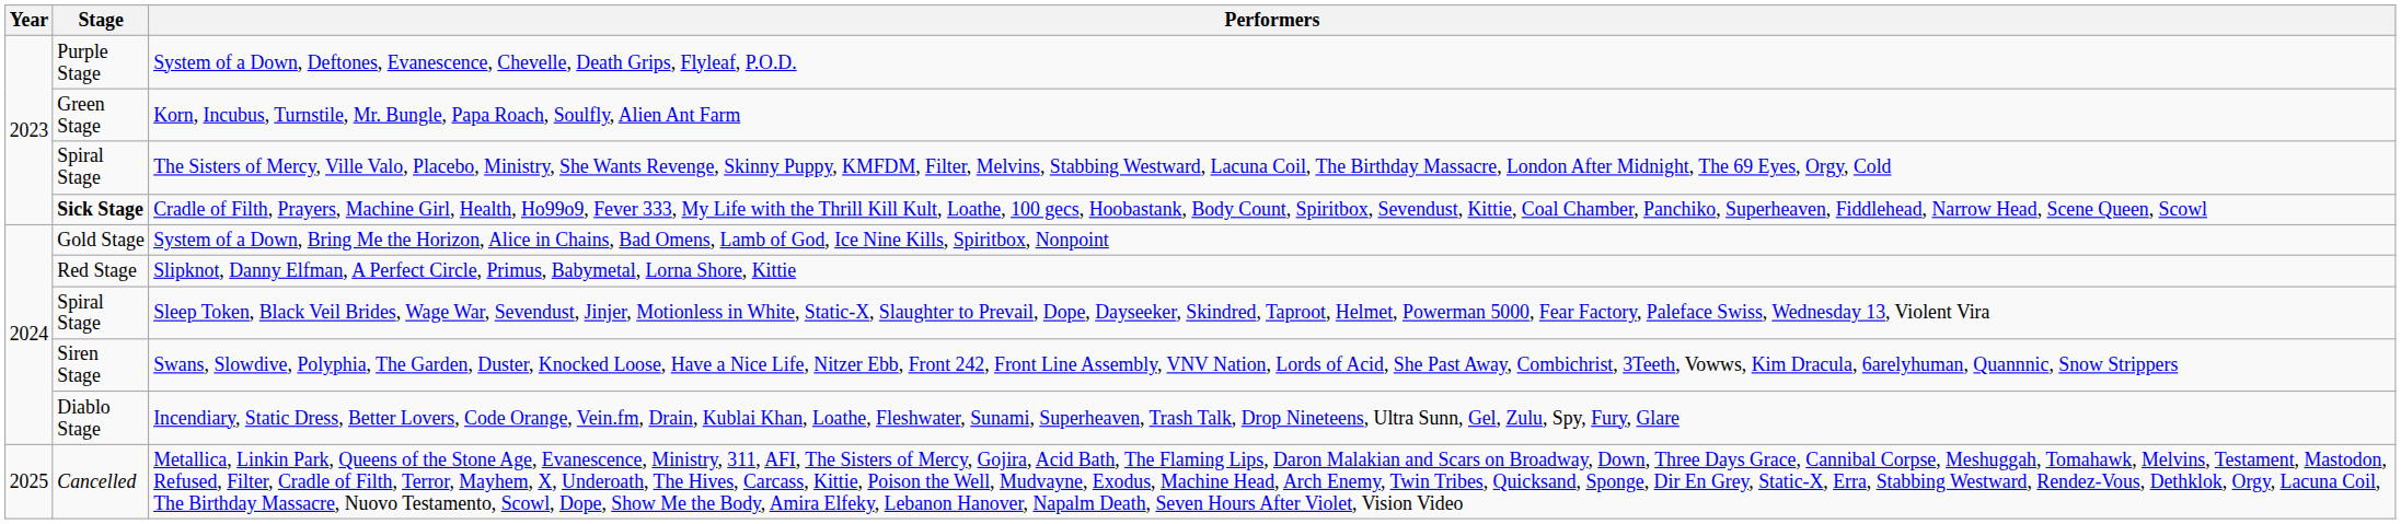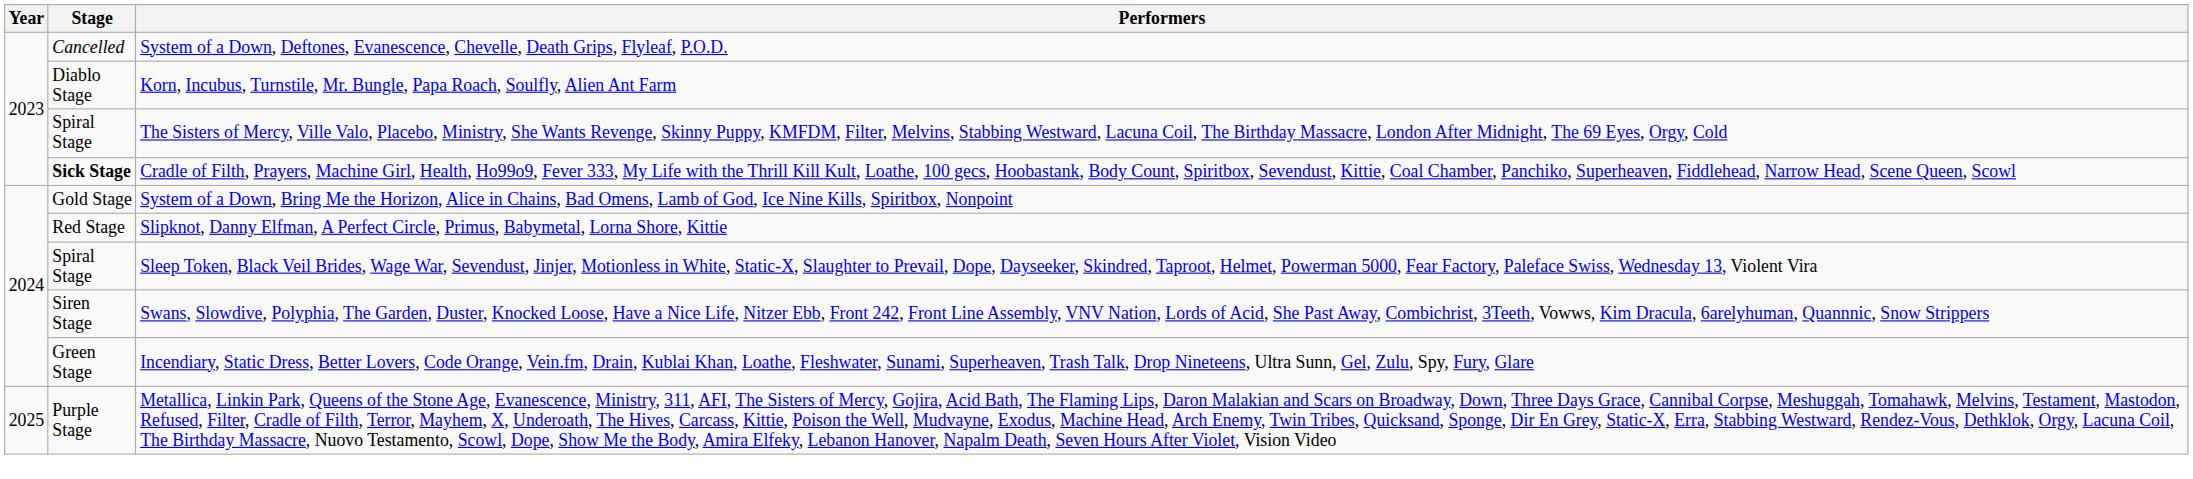 <table class="wikitable">
 <tr>
 <th>Year</th>
 <th>Stage</th>
 <th>Performers</th>
 </tr>
 <tr>
 <td rowspan="4">2023</td>
-<td>Purple Stage</td>
+<td><em>Cancelled</em></td>
 <td><a href='#'>System of a Down</a>, <a href='#'>Deftones</a>, <a href='#'>Evanescence</a>, <a href='#'>Chevelle</a>, <a href='#'>Death Grips</a>, <a href='#'>Flyleaf</a>, <a href='#'>P.O.D.</a></td>
 </tr>
 <tr>
-<td>Green Stage</td>
+<td>Diablo Stage</td>
 <td><a href='#'>Korn</a>, <a href='#'>Incubus</a>, <a href='#'>Turnstile</a>, <a href='#'>Mr. Bungle</a>, <a href='#'>Papa Roach</a>, <a href='#'>Soulfly</a>, <a href='#'>Alien Ant Farm</a></td>
 </tr>
 <tr>
 <td>Spiral Stage</td>
 <td><a href='#'>The Sisters of Mercy</a>, <a href='#'>Ville Valo</a>, <a href='#'>Placebo</a>, <a href='#'>Ministry</a>, <a href='#'>She Wants Revenge</a>, <a href='#'>Skinny Puppy</a>, <a href='#'>KMFDM</a>, <a href='#'>Filter</a>, <a href='#'>Melvins</a>, <a href='#'>Stabbing Westward</a>, <a href='#'>Lacuna Coil</a>, <a href='#'>The Birthday Massacre</a>, <a href='#'>London After Midnight</a>, <a href='#'>The 69 Eyes</a>, <a href='#'>Orgy</a>, <a href='#'>Cold</a></td>
 </tr>
 <tr>
 <td><strong>Sick Stage</strong></td>
 <td><a href='#'>Cradle of Filth</a>, <a href='#'>Prayers</a>, <a href='#'>Machine Girl</a>, <a href='#'>Health</a>, <a href='#'>Ho99o9</a>, <a href='#'>Fever 333</a>, <a href='#'>My Life with the Thrill Kill Kult</a>, <a href='#'>Loathe</a>, <a href='#'>100 gecs</a>, <a href='#'>Hoobastank</a>, <a href='#'>Body Count</a>, <a href='#'>Spiritbox</a>, <a href='#'>Sevendust</a>, <a href='#'>Kittie</a>, <a href='#'>Coal Chamber</a>, <a href='#'>Panchiko</a>, <a href='#'>Superheaven</a>, <a href='#'>Fiddlehead</a>, <a href='#'>Narrow Head</a>, <a href='#'>Scene Queen</a>, <a href='#'>Scowl</a></td>
 </tr>
 <tr>
 <td rowspan="5">2024</td>
 <td>Gold Stage</td>
 <td><a href='#'>System of a Down</a>, <a href='#'>Bring Me the Horizon</a>, <a href='#'>Alice in Chains</a>, <a href='#'>Bad Omens</a>, <a href='#'>Lamb of God</a>, <a href='#'>Ice Nine Kills</a>, <a href='#'>Spiritbox</a>, <a href='#'>Nonpoint</a></td>
 </tr>
 <tr>
 <td>Red Stage</td>
 <td><a href='#'>Slipknot</a>, <a href='#'>Danny Elfman</a>, <a href='#'>A Perfect Circle</a>, <a href='#'>Primus</a>, <a href='#'>Babymetal</a>, <a href='#'>Lorna Shore</a>, <a href='#'>Kittie</a></td>
 </tr>
 <tr>
 <td>Spiral Stage</td>
 <td><a href='#'>Sleep Token</a>, <a href='#'>Black Veil Brides</a>, <a href='#'>Wage War</a>, <a href='#'>Sevendust</a>, <a href='#'>Jinjer</a>, <a href='#'>Motionless in White</a>, <a href='#'>Static-X</a>, <a href='#'>Slaughter to Prevail</a>, <a href='#'>Dope</a>, <a href='#'>Dayseeker</a>, <a href='#'>Skindred</a>, <a href='#'>Taproot</a>, <a href='#'>Helmet</a>, <a href='#'>Powerman 5000</a>, <a href='#'>Fear Factory</a>, <a href='#'>Paleface Swiss</a>, <a href='#'>Wednesday 13</a>, Violent Vira</td>
 </tr>
 <tr>
 <td>Siren Stage</td>
 <td><a href='#'>Swans</a>, <a href='#'>Slowdive</a>, <a href='#'>Polyphia</a>, <a href='#'>The Garden</a>, <a href='#'>Duster</a>, <a href='#'>Knocked Loose</a>, <a href='#'>Have a Nice Life</a>, <a href='#'>Nitzer Ebb</a>, <a href='#'>Front 242</a>, <a href='#'>Front Line Assembly</a>, <a href='#'>VNV Nation</a>, <a href='#'>Lords of Acid</a>, <a href='#'>She Past Away</a>, <a href='#'>Combichrist</a>, <a href='#'>3Teeth</a>, Vowws, <a href='#'>Kim Dracula</a>, <a href='#'>6arelyhuman</a>, <a href='#'>Quannnic</a>, <a href='#'>Snow Strippers</a></td>
 </tr>
 <tr>
-<td>Diablo Stage</td>
+<td>Green Stage</td>
 <td><a href='#'>Incendiary</a>, <a href='#'>Static Dress</a>, <a href='#'>Better Lovers</a>, <a href='#'>Code Orange</a>, <a href='#'>Vein.fm</a>, <a href='#'>Drain</a>, <a href='#'>Kublai Khan</a>, <a href='#'>Loathe</a>, <a href='#'>Fleshwater</a>, <a href='#'>Sunami</a>, <a href='#'>Superheaven</a>, <a href='#'>Trash Talk</a>, <a href='#'>Drop Nineteens</a>, Ultra Sunn, <a href='#'>Gel</a>, <a href='#'>Zulu</a>, Spy, <a href='#'>Fury</a>, <a href='#'>Glare</a></td>
 </tr>
 <tr>
 <td>2025</td>
-<td><em>Cancelled</em></td>
+<td>Purple Stage</td>
 <td><a href='#'>Metallica</a>, <a href='#'>Linkin Park</a>, <a href='#'>Queens of the Stone Age</a>, <a href='#'>Evanescence</a>, <a href='#'>Ministry</a>, <a href='#'>311</a>, <a href='#'>AFI</a>, <a href='#'>The Sisters of Mercy</a>, <a href='#'>Gojira</a>, <a href='#'>Acid Bath</a>, <a href='#'>The Flaming Lips</a>, <a href='#'>Daron Malakian and Scars on Broadway</a>, <a href='#'>Down</a>, <a href='#'>Three Days Grace</a>, <a href='#'>Cannibal Corpse</a>, <a href='#'>Meshuggah</a>, <a href='#'>Tomahawk</a>, <a href='#'>Melvins</a>, <a href='#'>Testament</a>, <a href='#'>Mastodon</a>, <a href='#'>Refused</a>, <a href='#'>Filter</a>, <a href='#'>Cradle of Filth</a>, <a href='#'>Terror</a>, <a href='#'>Mayhem</a>, <a href='#'>X</a>, <a href='#'>Underoath</a>, <a href='#'>The Hives</a>, <a href='#'>Carcass</a>, <a href='#'>Kittie</a>, <a href='#'>Poison the Well</a>, <a href='#'>Mudvayne</a>, <a href='#'>Exodus</a>, <a href='#'>Machine Head</a>, <a href='#'>Arch Enemy</a>, <a href='#'>Twin Tribes</a>, <a href='#'>Quicksand</a>, <a href='#'>Sponge</a>, <a href='#'>Dir En Grey</a>, <a href='#'>Static-X</a>, <a href='#'>Erra</a>, <a href='#'>Stabbing Westward</a>, <a href='#'>Rendez-Vous</a>, <a href='#'>Dethklok</a>, <a href='#'>Orgy</a>, <a href='#'>Lacuna Coil</a>, <a href='#'>The Birthday Massacre</a>, Nuovo Testamento, <a href='#'>Scowl</a>, <a href='#'>Dope</a>, <a href='#'>Show Me the Body</a>, <a href='#'>Amira Elfeky</a>, <a href='#'>Lebanon Hanover</a>, <a href='#'>Napalm Death</a>, <a href='#'>Seven Hours After Violet</a>, Vision Video</td>
 </tr>
 </table>
